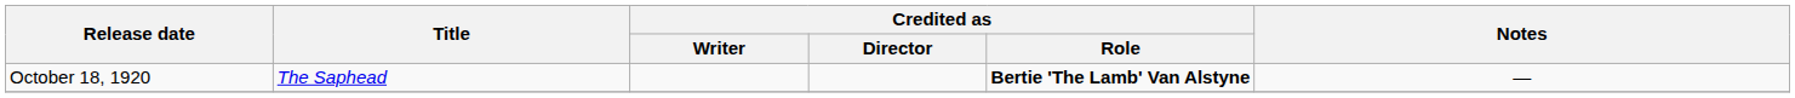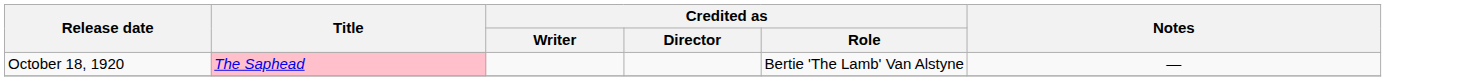 <table class=wikitable style="text-align:center">
 <tr>
 <th style="width:15%;" rowspan="2">Release date</th>
 <th style="width:20%;" rowspan="2">Title</th>
 <th colspan=3>Credited as</th>
 <th rowspan=2>Notes</th>
 </tr>
 <tr>
 <th style="width:10%;">Writer</th>
 <th style="width:10%;">Director</th>
 <th style="width:15%;">Role</th>
 </tr>
 <tr>
 <td align=left>October 18, 1920</td>
-<td align=left><em><a href='#'>The Saphead</a></em></td>
+<td align=left style="background: pink;"><em><a href='#'>The Saphead</a></em></td>
 <td></td>
 <td></td>
-<td align=left><strong>Bertie 'The Lamb' Van Alstyne</strong></td>
+<td align=left>Bertie 'The Lamb' Van Alstyne</td>
 <td>—</td>
 </tr>
 <tr>
 </tr>
 </table>
